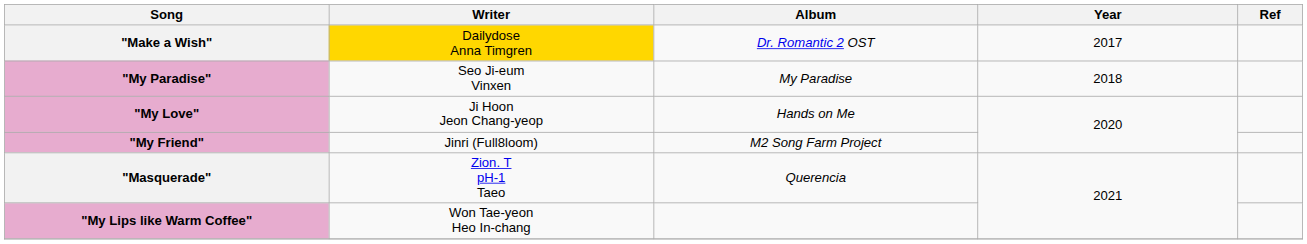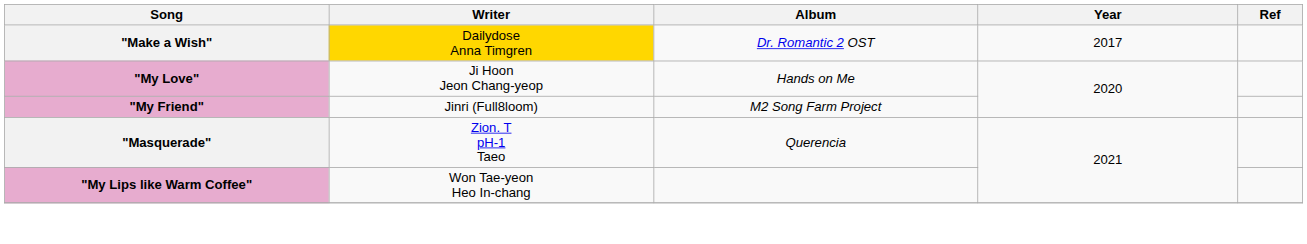 <table class="wikitable" style="text-align:center; width:100%">
 <tr>
 <th style="width:25%">Song</th>
 <th style="width:25%">Writer</th>
 <th style="width:25%">Album</th>
 <th style="width:20%">Year</th>
 <th style="width:5%">Ref</th>
 </tr>
 <tr>
 <th scope="row">"Make a Wish"</th>
 <td style="background: gold;">Dailydose<br>Anna Timgren</td>
 <td><em><a href='#'>Dr. Romantic 2</a> OST</em></td>
 <td>2017</td>
-<td></td>
-</tr>
-<tr>
-<th scope="row" style="background-color:#E7ACCF">"My Paradise"<br> </th>
-<td>Seo Ji-eum<br>Vinxen</td>
-<td><em>My Paradise</em></td>
-<td>2018</td>
 <td></td>
 </tr>
 <tr>
 <th scope="row" style="background-color:#E7ACCF">"My Love" </th>
 <td>Ji Hoon<br>Jeon Chang-yeop</td>
 <td><em>Hands on Me</em></td>
 <td rowspan="2">2020</td>
 <td></td>
 </tr>
 <tr>
 <th scope="row" style="background-color:#E7ACCF">"My Friend" <br> </th>
 <td>Jinri (Full8loom)</td>
 <td><em>M2 Song Farm Project</em></td>
 <td></td>
 </tr>
 <tr>
 <th scope="row">"Masquerade"</th>
 <td><a href='#'>Zion. T</a><br><a href='#'>pH-1</a><br>Taeo</td>
 <td><em>Querencia</em></td>
 <td rowspan="2">2021</td>
 <td></td>
 </tr>
 <tr>
 <th scope="row" style="background-color:#E7ACCF">"My Lips like Warm Coffee" <br></th>
 <td>Won Tae-yeon<br>Heo In-chang</td>
 <td></td>
 <td></td>
 </tr>
 <tr>
 </tr>
 </table>
